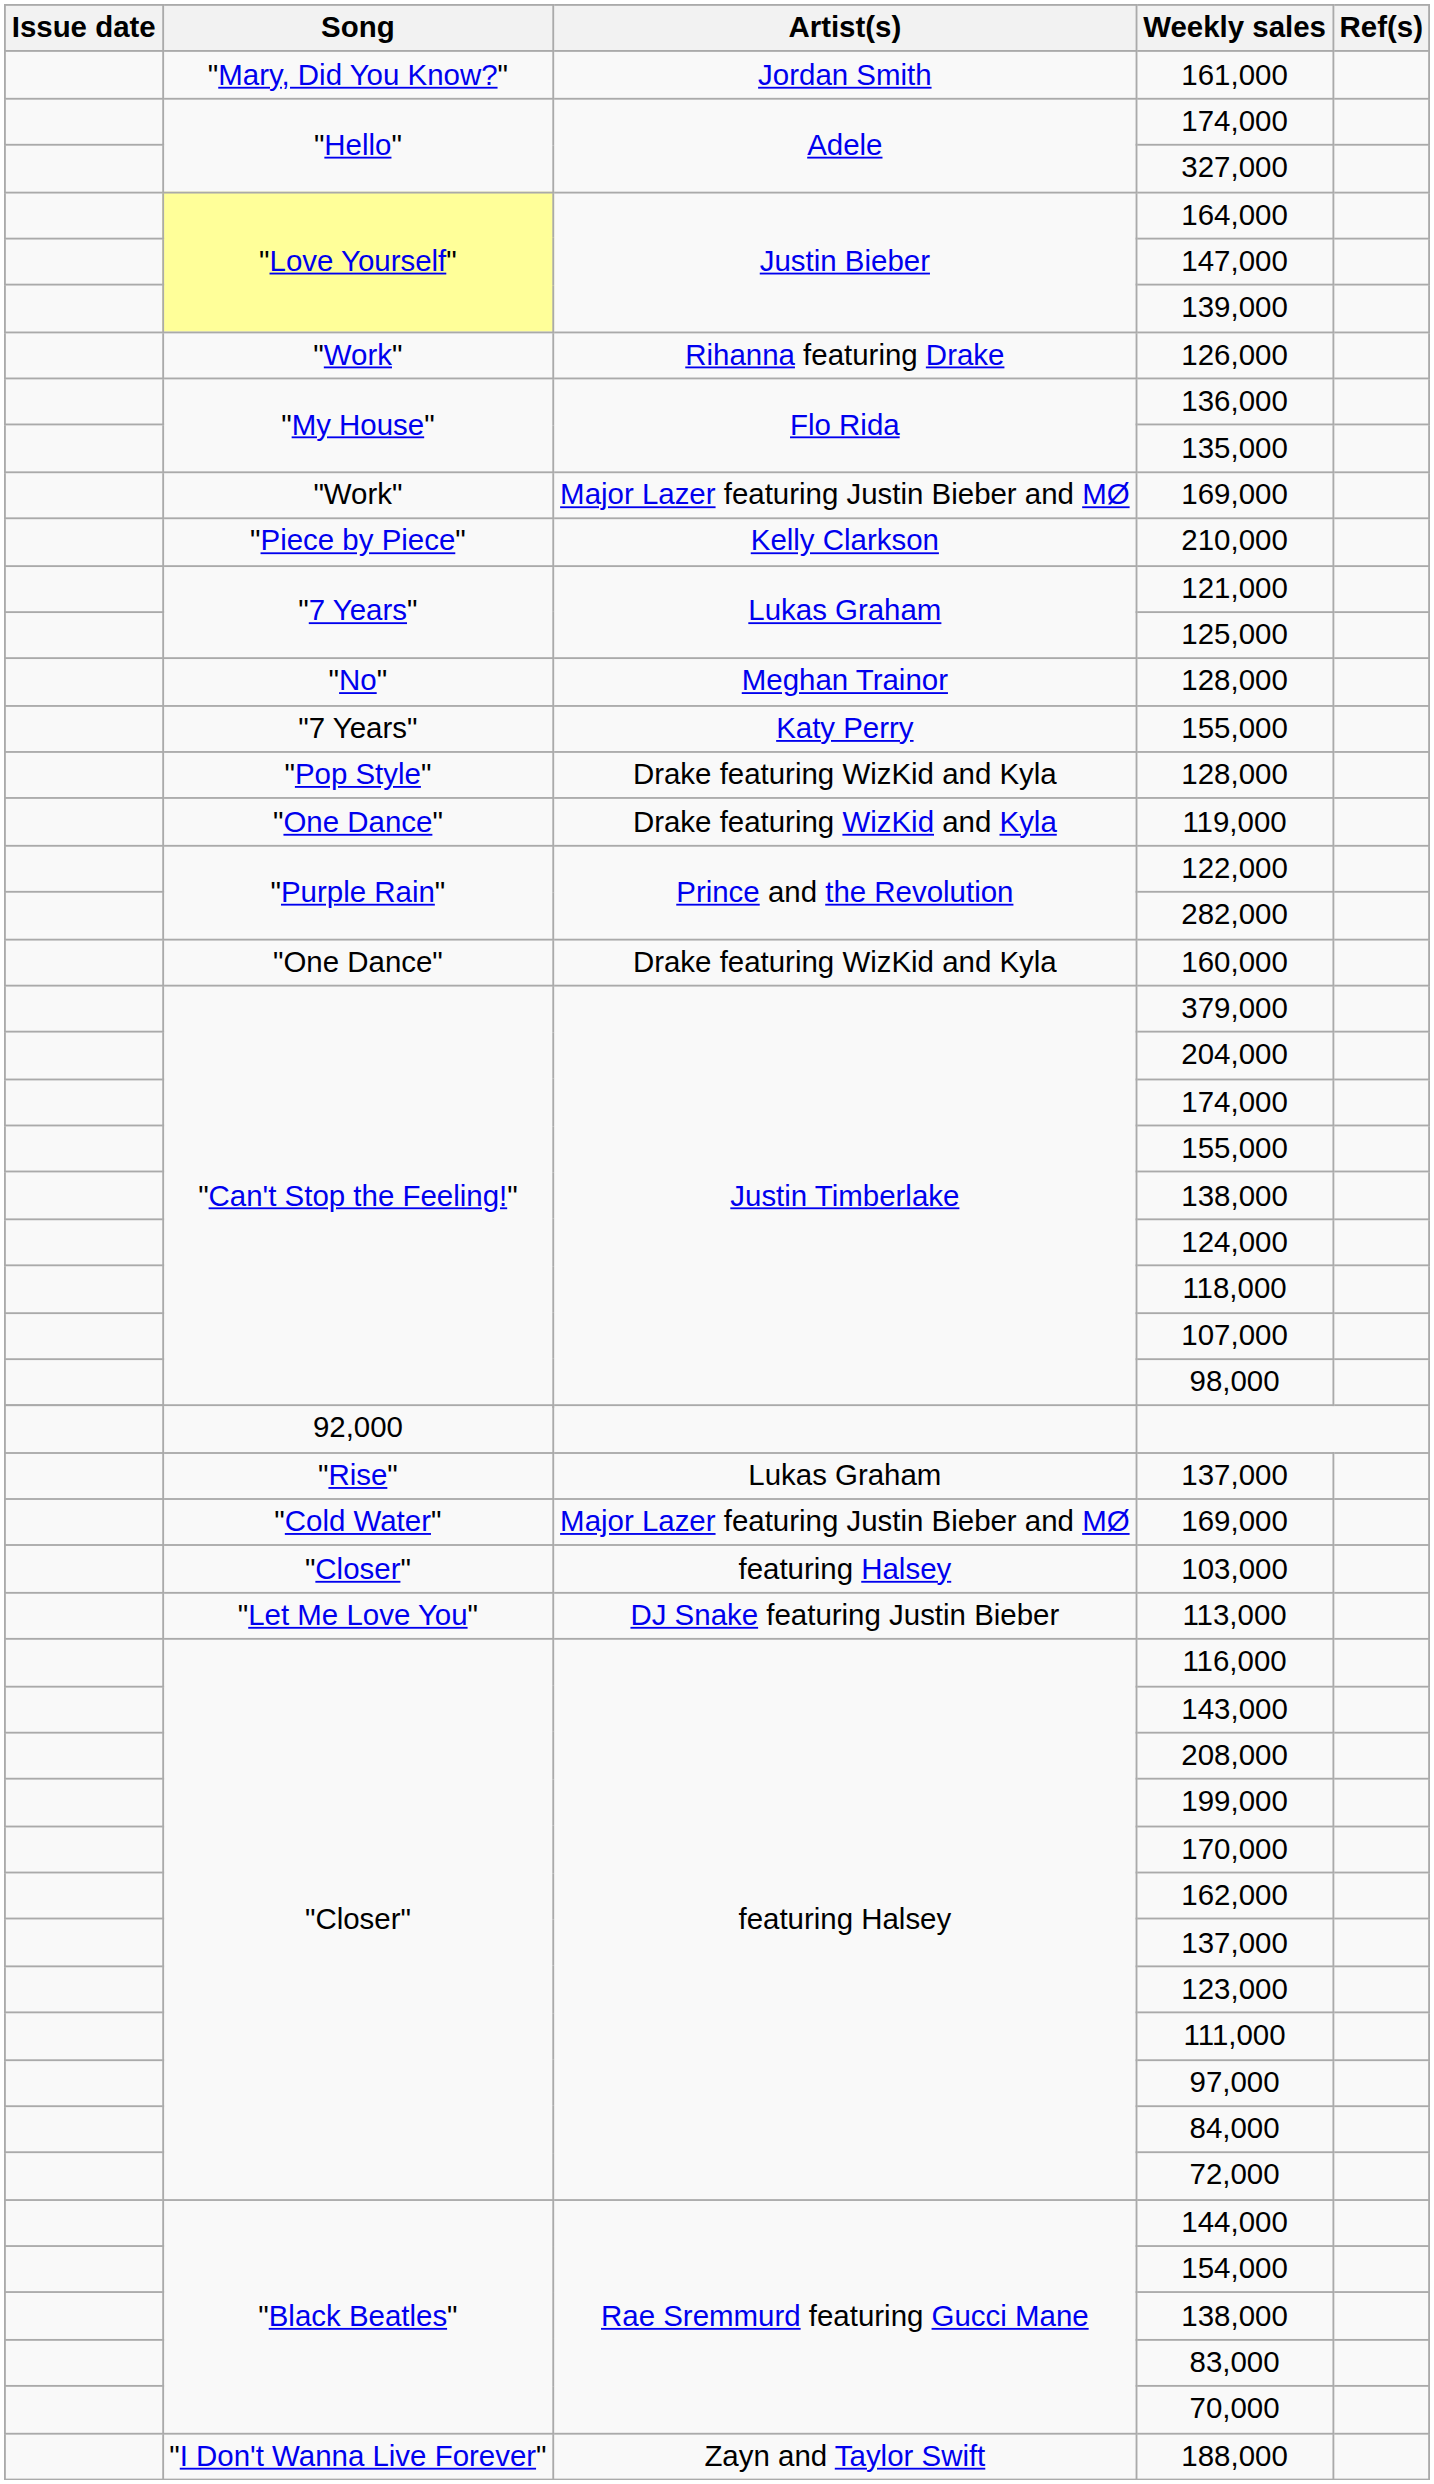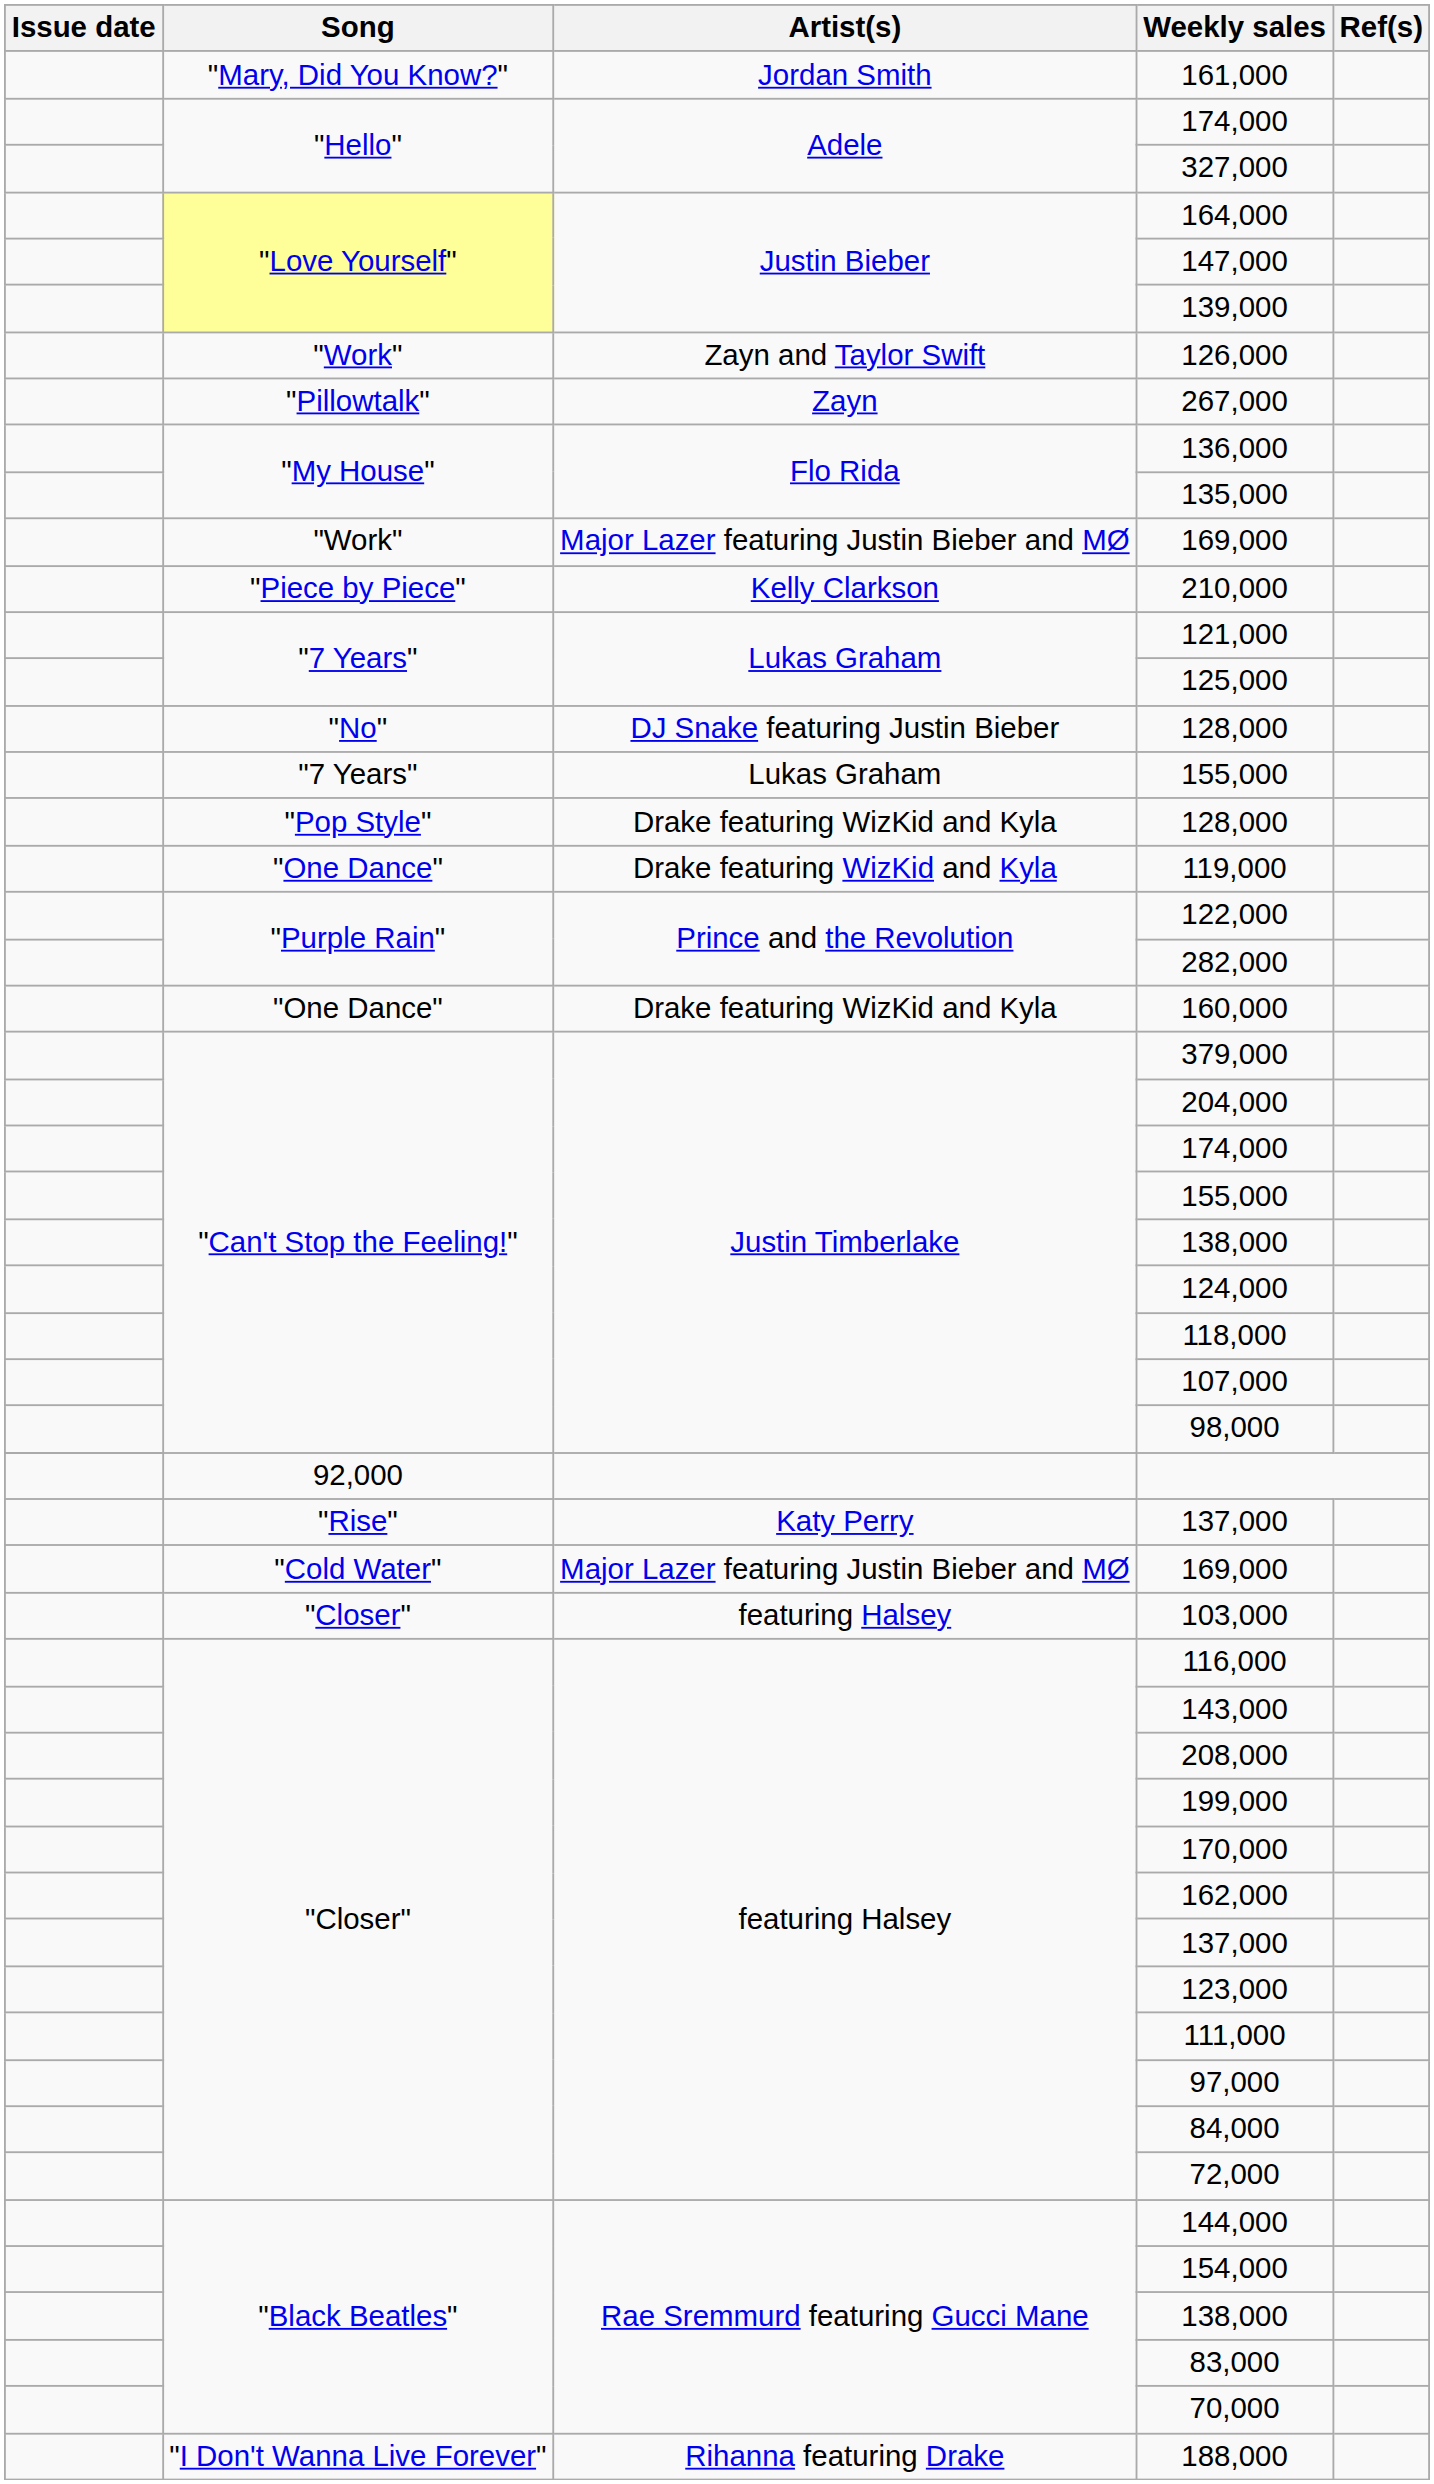 <table class="wikitable sortable">
 <tr>
 <th>Issue date</th>
 <th>Song</th>
 <th>Artist(s)</th>
 <th>Weekly sales</th>
 <th>Ref(s)</th>
 </tr>
 <tr>
 <td></td>
 <td style="text-align: center;" rowspan="1">"<a href='#'>Mary, Did You Know?</a>"</td>
 <td style="text-align: center;" rowspan="1"><a href='#'>Jordan Smith</a></td>
 <td style="text-align: center;">161,000</td>
 <td style="text-align: center;"></td>
 </tr>
 <tr>
 <td></td>
 <td style="text-align: center;" rowspan="2">"<a href='#'>Hello</a>"</td>
 <td style="text-align: center;" rowspan="2"><a href='#'>Adele</a></td>
 <td style="text-align: center;">174,000</td>
 <td style="text-align: center;"></td>
 </tr>
 <tr>
 <td></td>
 <td style="text-align: center;">327,000</td>
 <td style="text-align: center;"></td>
 </tr>
 <tr>
 <td></td>
 <td style="background:#ff9; text-align:center;" rowspan="3">"<a href='#'>Love Yourself</a>" </td>
 <td style="text-align: center;" rowspan="3"><a href='#'>Justin Bieber</a></td>
 <td style="text-align: center;">164,000</td>
 <td style="text-align: center;"></td>
 </tr>
 <tr>
 <td></td>
 <td style="text-align: center;">147,000</td>
 <td style="text-align: center;"></td>
 </tr>
 <tr>
 <td></td>
 <td style="text-align: center;">139,000</td>
 <td style="text-align: center;"></td>
 </tr>
 <tr>
 <td></td>
 <td style="text-align:center;">"<a href='#'>Work</a>"</td>
-<td style="text-align:center;"><a href='#'>Rihanna</a> featuring <a href='#'>Drake</a></td>
+<td style="text-align:center;">Zayn and <a href='#'>Taylor Swift</a></td>
 <td style="text-align:center;">126,000</td>
+<td style="text-align:center;"></td>
+</tr>
+<tr>
+<td></td>
+<td style="text-align:center;">"<a href='#'>Pillowtalk</a>"</td>
+<td style="text-align:center;"><a href='#'>Zayn</a></td>
+<td style="text-align:center;">267,000</td>
 <td style="text-align:center;"></td>
 </tr>
 <tr>
 <td></td>
 <td style="text-align:center;" rowspan="2">"<a href='#'>My House</a>"</td>
 <td style="text-align:center;" rowspan="2"><a href='#'>Flo Rida</a></td>
 <td style="text-align:center;">136,000</td>
 <td style="text-align:center;"></td>
 </tr>
 <tr>
 <td></td>
 <td style="text-align:center;">135,000</td>
 <td style="text-align:center;"></td>
 </tr>
 <tr>
 <td></td>
 <td style="text-align:center;">"Work"</td>
 <td style="text-align:center;"><a href='#'>Major Lazer</a> featuring Justin Bieber and <a href='#'>MØ</a></td>
 <td style="text-align:center;">169,000</td>
 <td style="text-align:center;"></td>
 </tr>
 <tr>
 <td></td>
 <td style="text-align:center;">"<a href='#'>Piece by Piece</a>"</td>
 <td style="text-align:center;"><a href='#'>Kelly Clarkson</a></td>
 <td style="text-align:center;">210,000</td>
 <td style="text-align:center;"></td>
 </tr>
 <tr>
 <td></td>
 <td style="text-align:center;" rowspan="2">"<a href='#'>7 Years</a>"</td>
 <td style="text-align:center;" rowspan="2"><a href='#'>Lukas Graham</a></td>
 <td style="text-align:center;">121,000</td>
 <td style="text-align:center;"></td>
 </tr>
 <tr>
 <td></td>
 <td style="text-align:center;">125,000</td>
 <td style="text-align:center;"></td>
 </tr>
 <tr>
 <td></td>
 <td style="text-align:center;" rowspan="1">"<a href='#'>No</a>"</td>
-<td style="text-align:center;" rowspan="1"><a href='#'>Meghan Trainor</a></td>
+<td style="text-align:center;"><a href='#'>DJ Snake</a> featuring Justin Bieber</td>
 <td style="text-align:center;">128,000</td>
 <td style="text-align:center;"></td>
 </tr>
 <tr>
 <td></td>
 <td style="text-align:center;" rowspan="1">"7 Years"</td>
-<td style="text-align:center;"><a href='#'>Katy Perry</a></td>
+<td style="text-align:center;" rowspan="1">Lukas Graham</td>
 <td style="text-align:center;">155,000</td>
 <td style="text-align:center;"></td>
 </tr>
 <tr>
 <td></td>
 <td style="text-align:center;" rowspan="1">"<a href='#'>Pop Style</a>"</td>
 <td style="text-align:center;">Drake featuring WizKid and Kyla</td>
 <td style="text-align:center;">128,000</td>
 <td style="text-align:center;"></td>
 </tr>
 <tr>
 <td></td>
 <td style="text-align:center;">"<a href='#'>One Dance</a>"</td>
 <td style="text-align:center;">Drake featuring <a href='#'>WizKid</a> and <a href='#'>Kyla</a></td>
 <td style="text-align:center;">119,000</td>
 <td style="text-align:center;"></td>
 </tr>
 <tr>
 <td></td>
 <td style="text-align:center;" rowspan="2">"<a href='#'>Purple Rain</a>"</td>
 <td style="text-align:center;" rowspan="2"><a href='#'>Prince</a> and <a href='#'>the Revolution</a></td>
 <td style="text-align:center;">122,000</td>
 <td style="text-align:center;"></td>
 </tr>
 <tr>
 <td></td>
 <td style="text-align:center;">282,000</td>
 <td style="text-align:center;"></td>
 </tr>
 <tr>
 <td></td>
 <td style="text-align:center;">"One Dance"</td>
 <td style="text-align:center;">Drake featuring WizKid and Kyla</td>
 <td style="text-align:center;">160,000</td>
 <td style="text-align:center;"></td>
 </tr>
 <tr>
 <td></td>
 <td rowspan=10 style="text-align:center;">"<a href='#'>Can't Stop the Feeling!</a>"</td>
 <td rowspan=10 style="text-align:center;"><a href='#'>Justin Timberlake</a></td>
 <td style="text-align:center;">379,000</td>
 <td style="text-align:center;"></td>
 </tr>
 <tr>
 <td></td>
 <td style="text-align:center;">204,000</td>
 <td style="text-align:center;"></td>
 </tr>
 <tr>
 <td></td>
 <td style="text-align:center;">174,000</td>
 <td style="text-align:center;"></td>
 </tr>
 <tr>
 <td></td>
 <td style="text-align:center;">155,000</td>
 <td style="text-align:center;"></td>
 </tr>
 <tr>
 <td></td>
 <td style="text-align:center;">138,000</td>
 <td style="text-align:center;"></td>
 </tr>
 <tr>
 <td></td>
 <td style="text-align:center;">124,000</td>
 <td style="text-align:center;"></td>
 </tr>
 <tr>
 <td></td>
 <td style="text-align:center;">118,000</td>
 <td style="text-align:center;"></td>
 </tr>
 <tr>
 <td></td>
 <td style="text-align:center;">107,000</td>
 <td style="text-align:center;"></td>
 </tr>
 <tr>
 <td></td>
 <td style="text-align:center;">98,000</td>
 <td style="text-align:center;"></td>
 </tr>
 <tr>
 </tr>
 <tr>
 <td></td>
 <td style="text-align:center;">92,000</td>
 <td style="text-align:center;"></td>
 </tr>
 <tr>
 <td></td>
 <td style="text-align:center;">"<a href='#'>Rise</a>"</td>
-<td style="text-align:center;" rowspan="1">Lukas Graham</td>
+<td style="text-align:center;"><a href='#'>Katy Perry</a></td>
 <td style="text-align:center;">137,000</td>
 <td style="text-align:center;"></td>
 </tr>
 <tr>
 <td></td>
 <td style="text-align:center;">"<a href='#'>Cold Water</a>"</td>
 <td style="text-align:center;"><a href='#'>Major Lazer</a> featuring Justin Bieber and <a href='#'>MØ</a></td>
 <td style="text-align:center;">169,000</td>
 <td style="text-align:center;"></td>
 </tr>
 <tr>
 <td></td>
 <td style="text-align:center;">"<a href='#'>Closer</a>"</td>
 <td style="text-align:center;"> featuring <a href='#'>Halsey</a></td>
 <td style="text-align:center;">103,000</td>
-<td style="text-align:center;"></td>
-</tr>
-<tr>
-<td></td>
-<td style="text-align:center;">"<a href='#'>Let Me Love You</a>"</td>
-<td style="text-align:center;"><a href='#'>DJ Snake</a> featuring Justin Bieber</td>
-<td style="text-align:center;">113,000</td>
 <td style="text-align:center;"></td>
 </tr>
 <tr>
 <td></td>
 <td style="text-align:center;" rowspan=12>"Closer"</td>
 <td style="text-align:center;" rowspan=12> featuring Halsey</td>
 <td style="text-align:center;">116,000</td>
 <td style="text-align:center;"></td>
 </tr>
 <tr>
 <td></td>
 <td style="text-align:center;">143,000</td>
 <td style="text-align:center;"></td>
 </tr>
 <tr>
 <td></td>
 <td style="text-align:center;">208,000</td>
 <td style="text-align:center;"></td>
 </tr>
 <tr>
 <td></td>
 <td style="text-align:center;">199,000</td>
 <td style="text-align:center;"></td>
 </tr>
 <tr>
 <td></td>
 <td style="text-align:center;">170,000</td>
 <td style="text-align:center;"></td>
 </tr>
 <tr>
 <td></td>
 <td style="text-align:center;">162,000</td>
 <td style="text-align:center;"></td>
 </tr>
 <tr>
 <td></td>
 <td style="text-align:center;">137,000</td>
 <td style="text-align:center;"></td>
 </tr>
 <tr>
 <td></td>
 <td style="text-align:center;">123,000</td>
 <td style="text-align:center;"></td>
 </tr>
 <tr>
 <td></td>
 <td style="text-align:center;">111,000</td>
 <td style="text-align:center;"></td>
 </tr>
 <tr>
 <td></td>
 <td style="text-align:center;">97,000</td>
 <td style="text-align:center;"></td>
 </tr>
 <tr>
 <td></td>
 <td style="text-align:center;">84,000</td>
 <td style="text-align:center;"></td>
 </tr>
 <tr>
 <td></td>
 <td style="text-align:center;">72,000</td>
 <td style="text-align:center;"></td>
 </tr>
 <tr>
 <td></td>
 <td style="text-align:center;" rowspan=5>"<a href='#'>Black Beatles</a>"</td>
 <td style="text-align:center;" rowspan=5><a href='#'>Rae Sremmurd</a> featuring <a href='#'>Gucci Mane</a></td>
 <td style="text-align:center;">144,000</td>
 <td style="text-align:center;"></td>
 </tr>
 <tr>
 <td></td>
 <td style="text-align:center;">154,000</td>
 <td style="text-align:center;"></td>
 </tr>
 <tr>
 <td></td>
 <td style="text-align:center;">138,000</td>
 <td style="text-align:center;"></td>
 </tr>
 <tr>
 <td></td>
 <td style="text-align:center;">83,000</td>
 <td style="text-align:center;"></td>
 </tr>
 <tr>
 <td></td>
 <td style="text-align:center;">70,000</td>
 <td style="text-align:center;"></td>
 </tr>
 <tr>
 <td></td>
 <td style="text-align:center;">"<a href='#'>I Don't Wanna Live Forever</a>"</td>
-<td style="text-align:center;">Zayn and <a href='#'>Taylor Swift</a></td>
+<td style="text-align:center;"><a href='#'>Rihanna</a> featuring <a href='#'>Drake</a></td>
 <td style="text-align:center;">188,000</td>
 <td style="text-align:center;"></td>
 </tr>
 <tr>
 </tr>
 </table>
